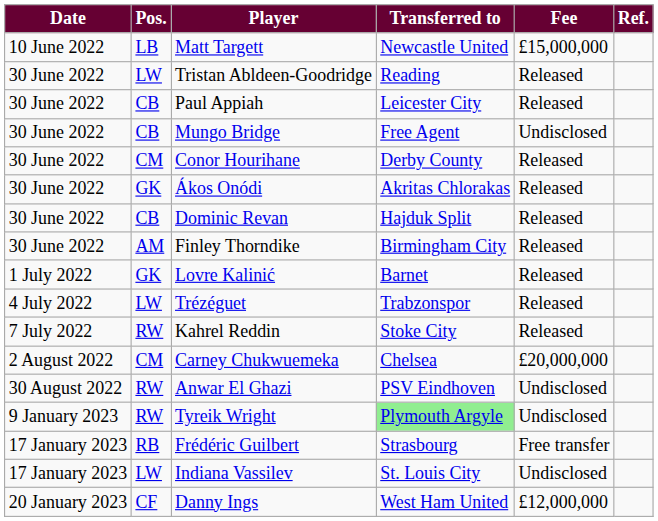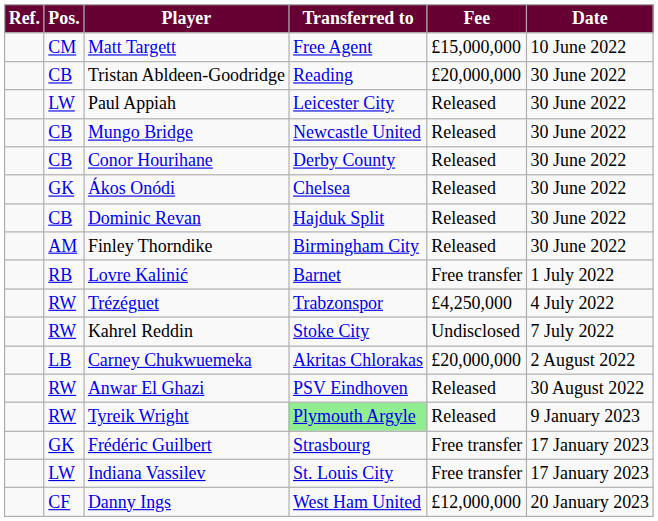 <table class="wikitable plainrowheaders sortable">
 <tr>
-<th style="background:#660033; color:#ffffff; ">Date</th>
+<th style="background:#660033; color:#ffffff; ">Ref.</th>
 <th style="background:#660033; color:#ffffff; ">Pos.</th>
 <th style="background:#660033; color:#ffffff; ">Player</th>
 <th style="background:#660033; color:#ffffff; ">Transferred to</th>
 <th style="background:#660033; color:#ffffff; ">Fee</th>
-<th style="background:#660033; color:#ffffff; ">Ref.</th>
+<th style="background:#660033; color:#ffffff; ">Date</th>
 </tr>
 <tr>
+<td></td>
+<td><a href='#'>CM</a></td>
+<td> <a href='#'>Matt Targett</a></td>
+<td><a href='#'>Free Agent</a></td>
+<td>£15,000,000</td>
 <td>10 June 2022</td>
-<td><a href='#'>LB</a></td>
-<td> <a href='#'>Matt Targett</a></td>
-<td> <a href='#'>Newcastle United</a></td>
-<td>£15,000,000</td>
-<td></td>
 </tr>
 <tr>
-<td>30 June 2022</td>
-<td><a href='#'>LW</a></td>
+<td></td>
+<td><a href='#'>CB</a></td>
 <td> Tristan Abldeen-Goodridge</td>
 <td> <a href='#'>Reading</a></td>
-<td>Released</td>
-<td></td>
+<td>£20,000,000</td>
+<td>30 June 2022</td>
 </tr>
 <tr>
-<td>30 June 2022</td>
-<td><a href='#'>CB</a></td>
+<td></td>
+<td><a href='#'>LW</a></td>
 <td> Paul Appiah</td>
 <td> <a href='#'>Leicester City</a></td>
 <td>Released</td>
-<td></td>
+<td>30 June 2022</td>
 </tr>
 <tr>
-<td>30 June 2022</td>
+<td></td>
 <td><a href='#'>CB</a></td>
 <td> <a href='#'>Mungo Bridge</a></td>
-<td><a href='#'>Free Agent</a></td>
-<td>Undisclosed</td>
-<td></td>
+<td> <a href='#'>Newcastle United</a></td>
+<td>Released</td>
+<td>30 June 2022</td>
 </tr>
 <tr>
-<td>30 June 2022</td>
-<td><a href='#'>CM</a></td>
+<td></td>
+<td><a href='#'>CB</a></td>
 <td> <a href='#'>Conor Hourihane</a></td>
 <td> <a href='#'>Derby County</a></td>
 <td>Released</td>
-<td></td>
+<td>30 June 2022</td>
 </tr>
 <tr>
-<td>30 June 2022</td>
+<td></td>
 <td><a href='#'>GK</a></td>
 <td> <a href='#'>Ákos Onódi</a></td>
-<td><a href='#'>Akritas Chlorakas</a></td>
+<td> <a href='#'>Chelsea</a></td>
 <td>Released</td>
-<td></td>
+<td>30 June 2022</td>
 </tr>
 <tr>
-<td>30 June 2022</td>
+<td></td>
 <td><a href='#'>CB</a></td>
 <td> <a href='#'>Dominic Revan</a></td>
 <td> <a href='#'>Hajduk Split</a></td>
 <td>Released</td>
-<td></td>
+<td>30 June 2022</td>
 </tr>
 <tr>
-<td>30 June 2022</td>
+<td></td>
 <td><a href='#'>AM</a></td>
 <td> Finley Thorndike</td>
 <td> <a href='#'>Birmingham City</a></td>
 <td>Released</td>
-<td></td>
+<td>30 June 2022</td>
 </tr>
 <tr>
-<td>1 July 2022</td>
-<td><a href='#'>GK</a></td>
+<td></td>
+<td><a href='#'>RB</a></td>
 <td> <a href='#'>Lovre Kalinić</a></td>
 <td> <a href='#'>Barnet</a></td>
-<td>Released</td>
-<td></td>
+<td>Free transfer</td>
+<td>1 July 2022</td>
 </tr>
 <tr>
-<td>4 July 2022</td>
-<td><a href='#'>LW</a></td>
+<td></td>
+<td><a href='#'>RW</a></td>
 <td> <a href='#'>Trézéguet</a></td>
 <td> <a href='#'>Trabzonspor</a></td>
-<td>Released</td>
-<td></td>
+<td>£4,250,000</td>
+<td>4 July 2022</td>
 </tr>
 <tr>
-<td>7 July 2022</td>
+<td></td>
 <td><a href='#'>RW</a></td>
 <td> Kahrel Reddin</td>
 <td> <a href='#'>Stoke City</a></td>
-<td>Released</td>
-<td></td>
+<td>Undisclosed</td>
+<td>7 July 2022</td>
 </tr>
 <tr>
+<td></td>
+<td><a href='#'>LB</a></td>
+<td> <a href='#'>Carney Chukwuemeka</a></td>
+<td><a href='#'>Akritas Chlorakas</a></td>
+<td>£20,000,000</td>
 <td>2 August 2022</td>
-<td><a href='#'>CM</a></td>
-<td> <a href='#'>Carney Chukwuemeka</a></td>
-<td> <a href='#'>Chelsea</a></td>
-<td>£20,000,000</td>
-<td></td>
 </tr>
 <tr>
-<td>30 August 2022</td>
+<td></td>
 <td><a href='#'>RW</a></td>
 <td> <a href='#'>Anwar El Ghazi</a></td>
 <td> <a href='#'>PSV Eindhoven</a></td>
-<td>Undisclosed</td>
-<td></td>
+<td>Released</td>
+<td>30 August 2022</td>
 </tr>
 <tr>
-<td>9 January 2023</td>
+<td></td>
 <td><a href='#'>RW</a></td>
 <td> <a href='#'>Tyreik Wright</a></td>
 <td style="background: lightgreen;"> <a href='#'>Plymouth Argyle</a></td>
-<td>Undisclosed</td>
-<td></td>
+<td>Released</td>
+<td>9 January 2023</td>
 </tr>
 <tr>
-<td>17 January 2023</td>
-<td><a href='#'>RB</a></td>
+<td></td>
+<td><a href='#'>GK</a></td>
 <td> <a href='#'>Frédéric Guilbert</a></td>
 <td> <a href='#'>Strasbourg</a></td>
 <td>Free transfer</td>
-<td></td>
+<td>17 January 2023</td>
 </tr>
 <tr>
-<td>17 January 2023</td>
+<td></td>
 <td><a href='#'>LW</a></td>
 <td> <a href='#'>Indiana Vassilev</a></td>
 <td> <a href='#'>St. Louis City</a></td>
-<td>Undisclosed</td>
-<td></td>
+<td>Free transfer</td>
+<td>17 January 2023</td>
 </tr>
 <tr>
-<td>20 January 2023</td>
+<td></td>
 <td><a href='#'>CF</a></td>
 <td> <a href='#'>Danny Ings</a></td>
 <td> <a href='#'>West Ham United</a></td>
 <td>£12,000,000</td>
-<td></td>
+<td>20 January 2023</td>
 </tr>
 </table>
